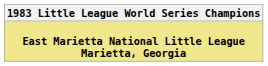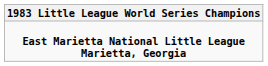 <table class="wikitable" style="text-align: center; margin: 0 auto;">
 <tr>
 <th>1983 Little League World Series Champions</th>
 </tr>
 <tr>
-<td style="background: khaki;"><br><strong>East Marietta National Little League</strong><br><strong>Marietta, Georgia</strong></td>
+<td><br><strong>East Marietta National Little League</strong><br><strong>Marietta, Georgia</strong></td>
 </tr>
 </table>
